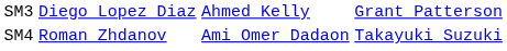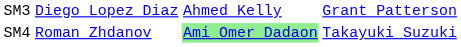 <table>
 <tr>
 <td>SM3</td>
 <td><a href='#'>Diego Lopez Diaz</a><br></td>
 <td><a href='#'>Ahmed Kelly</a><br></td>
 <td><a href='#'>Grant Patterson</a><br></td>
 </tr>
 <tr>
 <td>SM4</td>
 <td><a href='#'>Roman Zhdanov</a><br></td>
-<td><a href='#'>Ami Omer Dadaon</a><br></td>
+<td style="background: lightgreen;"><a href='#'>Ami Omer Dadaon</a><br></td>
 <td><a href='#'>Takayuki Suzuki</a><br></td>
 </tr>
 </table>
